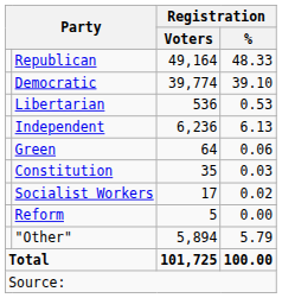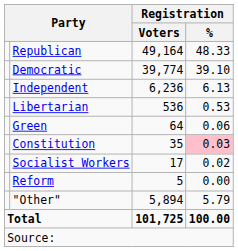 <table class="wikitable">
 <tr>
 <th colspan="2" rowspan="2">Party</th>
 <th colspan="2">Registration</th>
 </tr>
 <tr>
 <th>Voters</th>
 <th>%</th>
 </tr>
 <tr>
 <td style="background-color:"></td>
 <td><a href='#'>Republican</a></td>
 <td style="text-align:right;">49,164</td>
 <td style="text-align:right;">48.33</td>
 </tr>
 <tr>
 <td style="background-color:"></td>
 <td><a href='#'>Democratic</a></td>
 <td style="text-align:right;">39,774</td>
 <td style="text-align:right;">39.10</td>
 </tr>
 <tr>
 <td style="background-color:"></td>
+<td><a href='#'>Independent</a></td>
+<td style="text-align:right;">6,236</td>
+<td style="text-align:right;">6.13</td>
+</tr>
+<tr>
+<td style="background-color:"></td>
 <td><a href='#'>Libertarian</a></td>
 <td style="text-align:right;">536</td>
 <td style="text-align:right;">0.53</td>
-</tr>
-<tr>
-<td style="background-color:"></td>
-<td><a href='#'>Independent</a></td>
-<td style="text-align:right;">6,236</td>
-<td style="text-align:right;">6.13</td>
 </tr>
 <tr>
 <td style="background-color:"></td>
 <td><a href='#'>Green</a></td>
 <td style="text-align:right;">64</td>
 <td style="text-align:right;">0.06</td>
 </tr>
 <tr>
 <td style="background-color:"></td>
 <td><a href='#'>Constitution</a></td>
 <td style="text-align:right;">35</td>
-<td style="text-align:right;">0.03</td>
+<td style="background: pink; text-align:right;">0.03</td>
 </tr>
 <tr>
 <td style="background-color:"></td>
 <td><a href='#'>Socialist Workers</a></td>
 <td style="text-align:right;">17</td>
 <td style="text-align:right;">0.02</td>
 </tr>
 <tr>
 <td style="background-color:"></td>
 <td><a href='#'>Reform</a></td>
 <td style="text-align:right;">5</td>
 <td style="text-align:right;">0.00</td>
 </tr>
 <tr>
 <td></td>
 <td>"Other"</td>
 <td style="text-align:right;">5,894</td>
 <td style="text-align:right;">5.79</td>
 </tr>
 <tr>
 <td colspan="2"><strong>Total</strong></td>
 <td style="text-align:right;"><strong>101,725</strong></td>
 <td style="text-align:right;"><strong>100.00</strong></td>
 </tr>
 <tr>
 <td colspan="4">Source: <em></em></td>
 </tr>
 </table>
